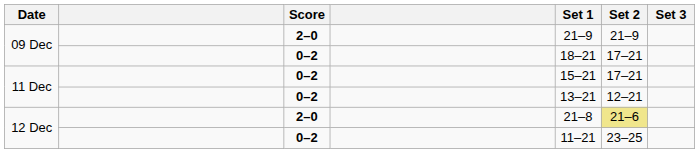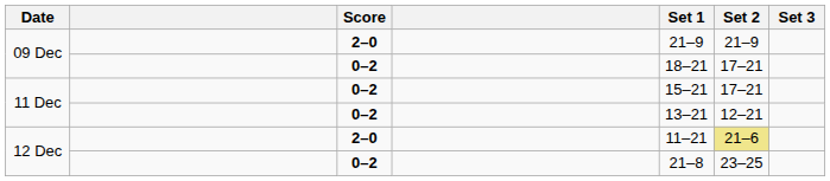 <table class="wikitable" style="text-align: center;">
 <tr>
 <th width="60">Date</th>
 <th align="right" width="270"></th>
 <th width="50">Score</th>
 <th align="left" width="270"></th>
 <th width="50">Set 1</th>
 <th width="50">Set 2</th>
 <th width="50">Set 3</th>
 </tr>
 <tr>
 <td rowspan=2>09 Dec</td>
 <td align=left><strong></strong></td>
 <td align=center><strong>2–0</strong></td>
 <td align=left></td>
 <td>21–9</td>
 <td>21–9</td>
 <td></td>
 </tr>
 <tr>
 <td align=left></td>
 <td align=center><strong>0–2</strong></td>
 <td align=left><strong></strong></td>
 <td>18–21</td>
 <td>17–21</td>
 <td></td>
 </tr>
 <tr>
 <td rowspan=2>11 Dec</td>
 <td align=left></td>
 <td align=center><strong>0–2</strong></td>
 <td align=left><strong></strong></td>
 <td>15–21</td>
 <td>17–21</td>
 <td></td>
 </tr>
 <tr>
 <td align=left></td>
 <td align=center><strong>0–2</strong></td>
 <td align=left><strong></strong></td>
 <td>13–21</td>
 <td>12–21</td>
 <td></td>
 </tr>
 <tr>
 <td rowspan=2>12 Dec</td>
 <td align=left><strong></strong></td>
 <td align=center><strong>2–0</strong></td>
 <td align=left></td>
-<td>21–8</td>
+<td>11–21</td>
 <td style="background: khaki;">21–6</td>
 <td></td>
 </tr>
 <tr>
 <td align=left></td>
 <td align=center><strong>0–2</strong></td>
 <td align=left><strong></strong></td>
-<td>11–21</td>
+<td>21–8</td>
 <td>23–25</td>
 <td></td>
 </tr>
 </table>
